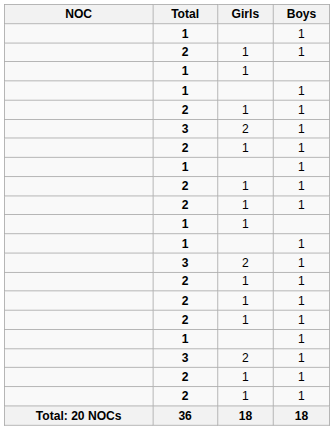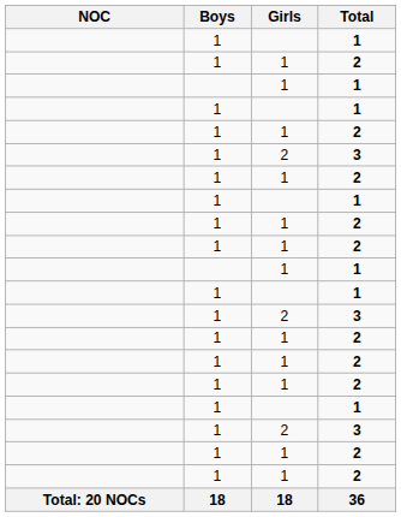 <table class="wikitable" style="text-align:center; font-size:90%">
 <tr>
 <th width=170 align="left">NOC</th>
+<th width=60>Boys</th>
+<th width=60>Girls</th>
 <th width=70>Total</th>
-<th width=60>Girls</th>
-<th width=60>Boys</th>
 </tr>
 <tr>
 <td align=left></td>
+<td>1</td>
+<td></td>
 <td><strong>1</strong></td>
-<td></td>
-<td>1</td>
 </tr>
 <tr>
 <td align=left></td>
-<td><strong>2</strong></td>
 <td>1</td>
 <td>1</td>
+<td><strong>2</strong></td>
 </tr>
 <tr>
 <td align=left></td>
+<td></td>
+<td>1</td>
 <td><strong>1</strong></td>
-<td>1</td>
-<td></td>
 </tr>
 <tr>
 <td align=left></td>
+<td>1</td>
+<td></td>
 <td><strong>1</strong></td>
-<td></td>
-<td>1</td>
 </tr>
 <tr>
 <td align=left></td>
-<td><strong>2</strong></td>
 <td>1</td>
 <td>1</td>
+<td><strong>2</strong></td>
 </tr>
 <tr>
 <td align=left></td>
+<td>1</td>
+<td>2</td>
 <td><strong>3</strong></td>
-<td>2</td>
-<td>1</td>
 </tr>
 <tr>
 <td align=left></td>
-<td><strong>2</strong></td>
 <td>1</td>
 <td>1</td>
+<td><strong>2</strong></td>
 </tr>
 <tr>
 <td align=left></td>
+<td>1</td>
+<td></td>
 <td><strong>1</strong></td>
-<td></td>
-<td>1</td>
 </tr>
 <tr>
 <td align=left></td>
-<td><strong>2</strong></td>
 <td>1</td>
 <td>1</td>
+<td><strong>2</strong></td>
 </tr>
 <tr>
 <td align=left></td>
-<td><strong>2</strong></td>
 <td>1</td>
 <td>1</td>
+<td><strong>2</strong></td>
 </tr>
 <tr>
 <td align=left></td>
+<td></td>
+<td>1</td>
 <td><strong>1</strong></td>
-<td>1</td>
-<td></td>
 </tr>
 <tr>
 <td align=left></td>
+<td>1</td>
+<td></td>
 <td><strong>1</strong></td>
-<td></td>
-<td>1</td>
 </tr>
 <tr>
 <td align=left></td>
+<td>1</td>
+<td>2</td>
 <td><strong>3</strong></td>
-<td>2</td>
-<td>1</td>
 </tr>
 <tr>
 <td align=left></td>
-<td><strong>2</strong></td>
 <td>1</td>
 <td>1</td>
+<td><strong>2</strong></td>
 </tr>
 <tr>
 <td align=left></td>
-<td><strong>2</strong></td>
 <td>1</td>
 <td>1</td>
+<td><strong>2</strong></td>
 </tr>
 <tr>
 <td align=left></td>
-<td><strong>2</strong></td>
 <td>1</td>
 <td>1</td>
+<td><strong>2</strong></td>
 </tr>
 <tr>
 <td align=left></td>
+<td>1</td>
+<td></td>
 <td><strong>1</strong></td>
-<td></td>
-<td>1</td>
 </tr>
 <tr>
 <td align=left></td>
+<td>1</td>
+<td>2</td>
 <td><strong>3</strong></td>
-<td>2</td>
-<td>1</td>
 </tr>
 <tr>
 <td align=left></td>
-<td><strong>2</strong></td>
 <td>1</td>
 <td>1</td>
+<td><strong>2</strong></td>
 </tr>
 <tr>
 <td align=left></td>
-<td><strong>2</strong></td>
 <td>1</td>
 <td>1</td>
+<td><strong>2</strong></td>
 </tr>
 <tr>
 <th>Total: 20 NOCs</th>
-<th>36</th>
 <th>18</th>
 <th>18</th>
+<th>36</th>
 </tr>
 </table>
